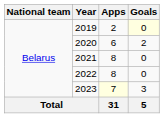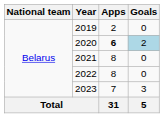 <table class="wikitable" style="text-align:center">
 <tr>
 <th>National team</th>
 <th>Year</th>
 <th>Apps</th>
 <th>Goals</th>
 </tr>
 <tr>
 <td rowspan="5"><a href='#'>Belarus</a></td>
 <td>2019</td>
 <td>2</td>
-<td style="background: lightyellow;">0</td>
+<td>0</td>
 </tr>
 <tr>
 <td>2020</td>
-<td>6</td>
-<td>2</td>
+<td><strong>6</strong></td>
+<td style="background: lightblue;">2</td>
 </tr>
 <tr>
 <td>2021</td>
 <td>8</td>
 <td>0</td>
 </tr>
 <tr>
 <td>2022</td>
 <td>8</td>
 <td>0</td>
 </tr>
 <tr>
 <td>2023</td>
-<td style="background: lightyellow;">7</td>
+<td>7</td>
 <td>3</td>
 </tr>
 <tr>
 <th colspan="2">Total</th>
 <th>31</th>
 <th>5</th>
 </tr>
 </table>
